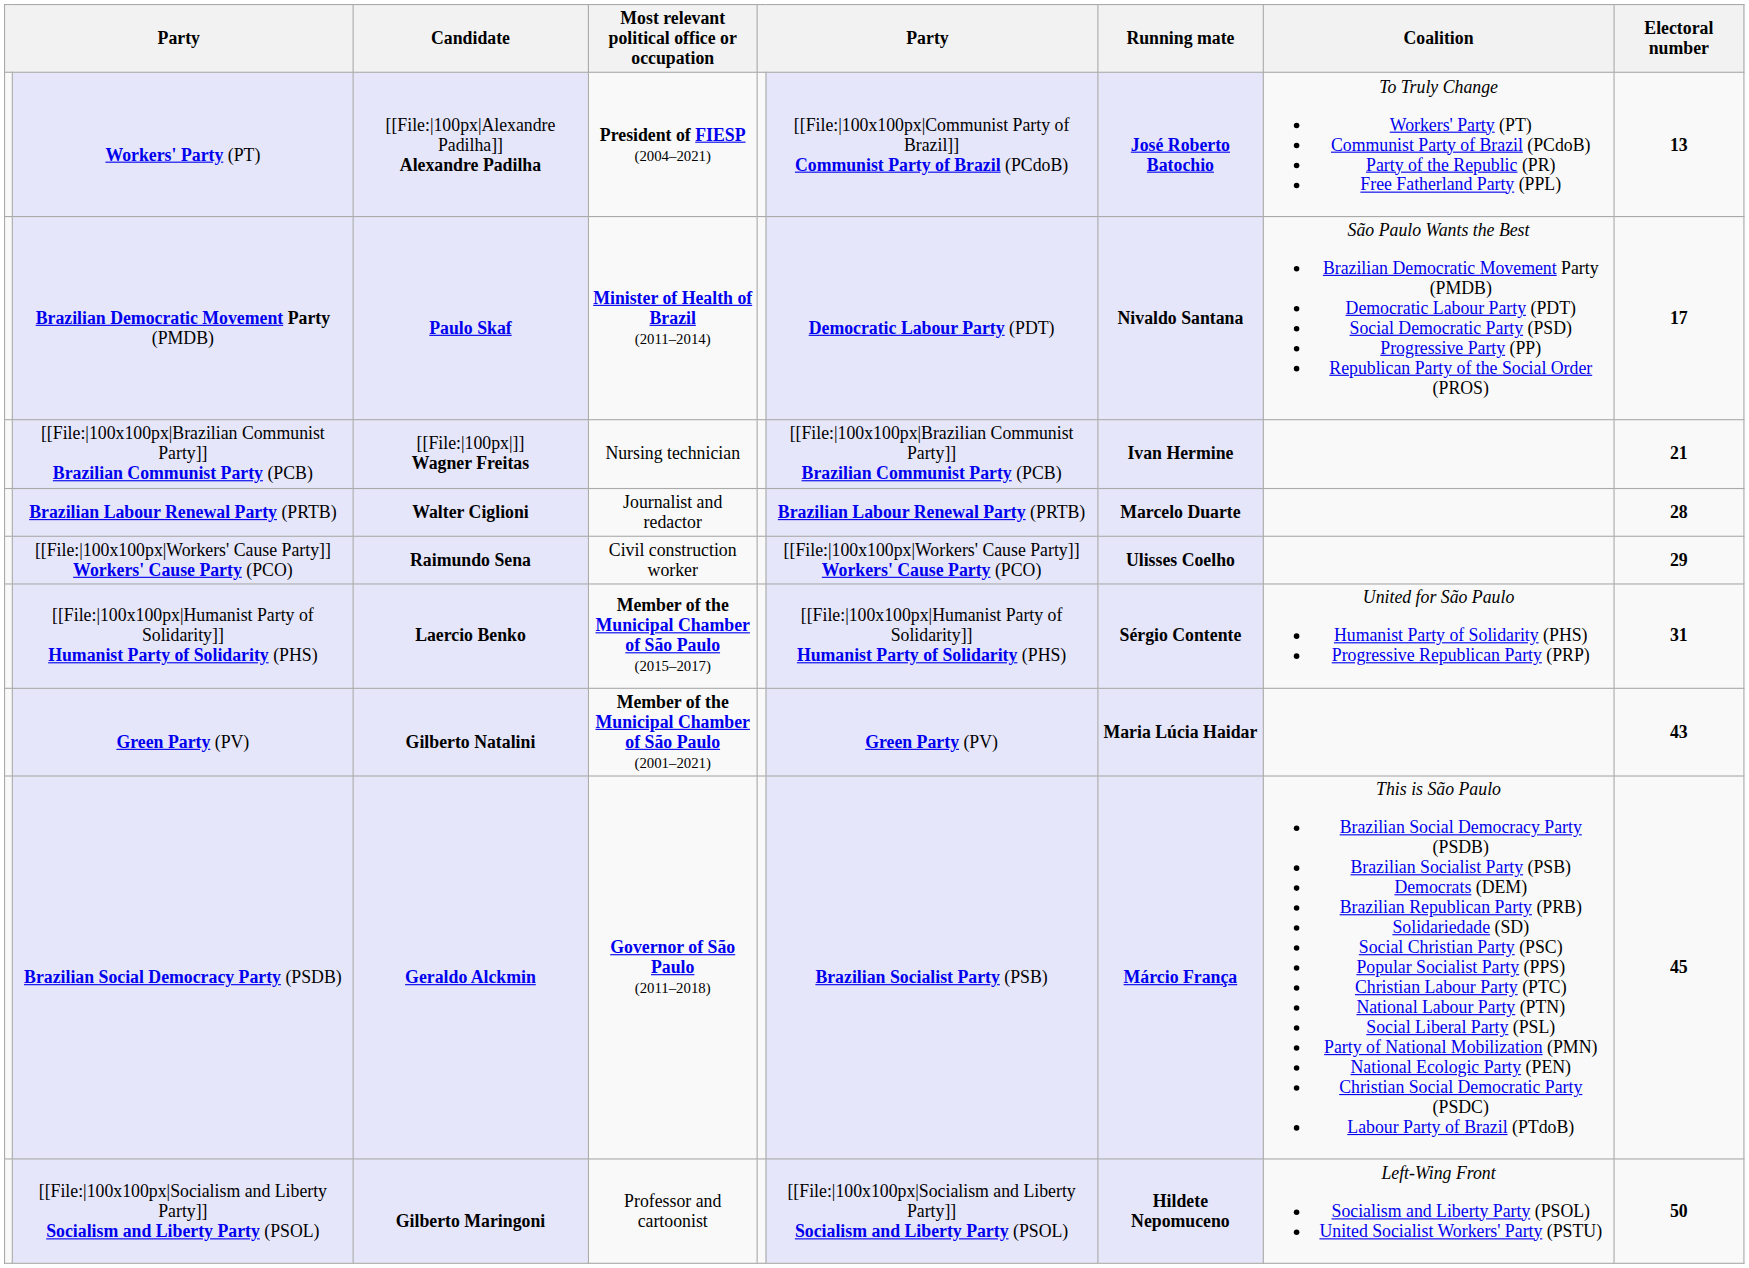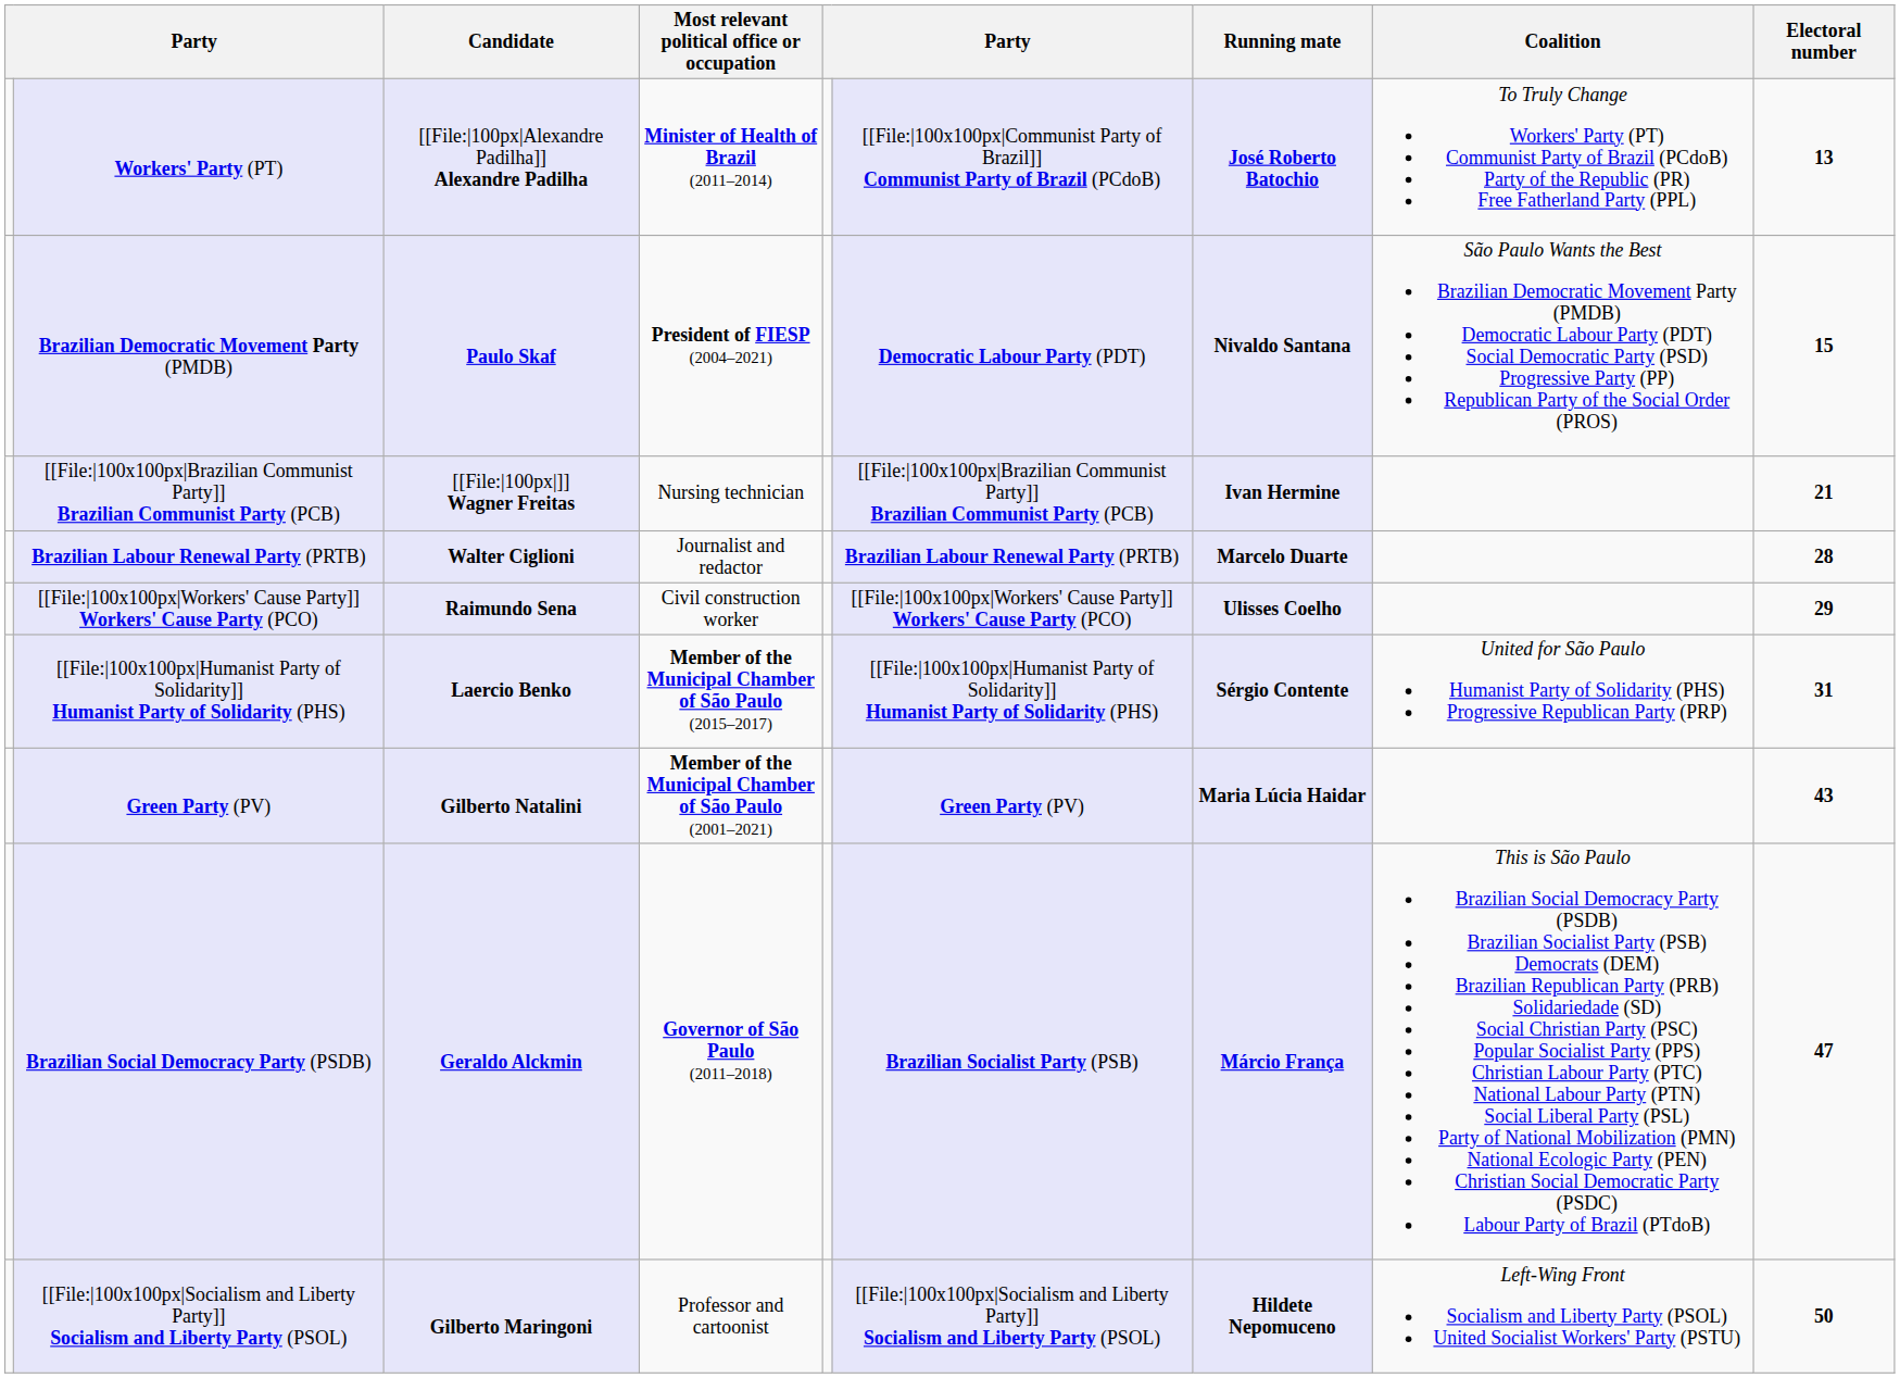 <table class="wikitable" style="text-align:center">
 <tr>
 <th colspan="2">Party</th>
 <th>Candidate</th>
 <th style="max-width:10em">Most relevant political office or occupation</th>
 <th colspan="2">Party</th>
 <th>Running mate</th>
 <th>Coalition</th>
 <th>Electoral number</th>
 </tr>
 <tr>
 <td style="background:"></td>
 <td style="background:lavender;" max-width:150px><br><strong><a href='#'>Workers' Party</a></strong> (PT)</td>
 <td style="background:lavender;" max-width:150px>[[File:|100px|Alexandre Padilha]]<br><strong>Alexandre Padilha</strong></td>
-<td style="max-width:10em"><strong>President of <a href='#'>FIESP</a></strong><br><small>(2004–2021)</small></td>
+<td style="max-width:10em"><strong><a href='#'>Minister of Health of Brazil</a></strong><br><small>(2011–2014)</small></td>
 <td style="background:"></td>
 <td style="background:lavender;" max-width:150px>[[File:|100x100px|Communist Party of Brazil]]<br><strong><a href='#'>Communist Party of Brazil</a></strong> (PCdoB)</td>
 <td style="background:lavender;" max-width:150px><br><strong><a href='#'>José Roberto Batochio</a></strong></td>
 <td><em>To Truly Change</em><br><ul><li><a href='#'>Workers' Party</a> (PT)</li><li><a href='#'>Communist Party of Brazil</a> (PCdoB)</li><li><a href='#'>Party of the Republic</a> (PR)</li><li><a href='#'>Free Fatherland Party</a> (PPL)</li></ul></td>
 <td><strong>13</strong></td>
 </tr>
 <tr>
 <td style="background:"></td>
 <td style="background:lavender;" max-width:150px><br><strong><a href='#'>Brazilian Democratic Movement</a> Party</strong> (PMDB)</td>
 <td style="background:lavender;" max-width:150px><br><strong><a href='#'>Paulo Skaf</a></strong></td>
-<td style="max-width:10em"><strong><a href='#'>Minister of Health of Brazil</a></strong><br><small>(2011–2014)</small></td>
+<td style="max-width:10em"><strong>President of <a href='#'>FIESP</a></strong><br><small>(2004–2021)</small></td>
 <td style="background:"></td>
 <td style="background:lavender;" max-width:150px><br><strong><a href='#'>Democratic Labour Party</a></strong> (PDT)</td>
 <td style="background:lavender;" max-width:150px><strong>Nivaldo Santana</strong></td>
 <td><em>São Paulo Wants the Best</em><br><ul><li><a href='#'>Brazilian Democratic Movement</a> Party (PMDB)</li><li><a href='#'>Democratic Labour Party</a> (PDT)</li><li><a href='#'>Social Democratic Party</a> (PSD)</li><li><a href='#'>Progressive Party</a> (PP)</li><li><a href='#'>Republican Party of the Social Order</a> (PROS)</li></ul></td>
-<td><strong>17</strong></td>
+<td><strong>15</strong></td>
 </tr>
 <tr>
 <td style="background:"></td>
 <td style="background:lavender;" max-width:150px>[[File:|100x100px|Brazilian Communist Party]]<br><strong><a href='#'>Brazilian Communist Party</a></strong> (PCB)</td>
 <td style="background:lavender;" max-width:150px>[[File:|100px|]]<br><strong>Wagner Freitas</strong></td>
 <td style="max-width:10em">Nursing technician</td>
 <td style="background:"></td>
 <td style="background:lavender;" max-width:150px>[[File:|100x100px|Brazilian Communist Party]]<br><strong><a href='#'>Brazilian Communist Party</a></strong> (PCB)</td>
 <td style="background:lavender;" max-width:150px><strong>Ivan Hermine</strong></td>
 <td></td>
 <td><strong>21</strong></td>
 </tr>
 <tr>
 <td style="background:"></td>
 <td style="background:lavender;" max-width:150px><strong><a href='#'>Brazilian Labour Renewal Party</a></strong> (PRTB)</td>
 <td style="background:lavender;" max-width:150px><strong>Walter Ciglioni</strong></td>
 <td style="max-width:10em">Journalist and redactor</td>
 <td style="background:"></td>
 <td style="background:lavender;" max-width:150px><strong><a href='#'>Brazilian Labour Renewal Party</a></strong> (PRTB)</td>
 <td style="background:lavender;" max-width:150px><strong>Marcelo Duarte</strong></td>
 <td></td>
 <td><strong>28</strong></td>
 </tr>
 <tr>
 <td style="background:"></td>
 <td style="background:lavender;" max-width:150px>[[File:|100x100px|Workers' Cause Party]]<br><strong><a href='#'>Workers' Cause Party</a></strong> (PCO)</td>
 <td style="background:lavender;" max-width:150px><strong>Raimundo Sena</strong></td>
 <td style="max-width:10em">Civil construction worker</td>
 <td style="background:"></td>
 <td style="background:lavender;" max-width:150px>[[File:|100x100px|Workers' Cause Party]]<br><strong><a href='#'>Workers' Cause Party</a></strong> (PCO)</td>
 <td style="background:lavender;" max-width:150px><strong>Ulisses Coelho</strong></td>
 <td></td>
 <td><strong>29</strong></td>
 </tr>
 <tr>
 <td style="background:"></td>
 <td style="background:lavender;" max-width:150px>[[File:|100x100px|Humanist Party of Solidarity]]<br><strong><a href='#'>Humanist Party of Solidarity</a></strong> (PHS)</td>
 <td style="background:lavender;" max-width:150px><strong>Laercio Benko</strong></td>
 <td style="max-width:10em"><strong>Member of the <a href='#'>Municipal Chamber of São Paulo</a></strong><br><small>(2015–2017)</small></td>
 <td style="background:"></td>
 <td style="background:lavender;" max-width:150px>[[File:|100x100px|Humanist Party of Solidarity]]<br><strong><a href='#'>Humanist Party of Solidarity</a></strong> (PHS)</td>
 <td style="background:lavender;" max-width:150px><strong>Sérgio Contente</strong></td>
 <td><em>United for São Paulo</em><br><ul><li><a href='#'>Humanist Party of Solidarity</a> (PHS)</li><li><a href='#'>Progressive Republican Party</a> (PRP)</li></ul></td>
 <td><strong>31</strong></td>
 </tr>
 <tr>
 <td style="background:"></td>
 <td style="background:lavender;" max-width:150px><br><strong><a href='#'>Green Party</a></strong> (PV)</td>
 <td style="background:lavender;" max-width:150px><br><strong>Gilberto Natalini</strong></td>
 <td style="max-width:10em"><strong>Member of the <a href='#'>Municipal Chamber of São Paulo</a></strong><br><small>(2001–2021)</small></td>
 <td style="background:"></td>
 <td style="background:lavender;" max-width:150px><br><strong><a href='#'>Green Party</a></strong> (PV)</td>
 <td style="background:lavender;" max-width:150px><strong>Maria Lúcia Haidar</strong></td>
 <td></td>
 <td><strong>43</strong></td>
 </tr>
 <tr>
 <td style="background:"></td>
 <td style="background:lavender;" max-width:150px><br><strong><a href='#'>Brazilian Social Democracy Party</a></strong> (PSDB)</td>
 <td style="background:lavender;" max-width:150px><br><strong><a href='#'>Geraldo Alckmin</a></strong></td>
 <td style="max-width:10em"><strong><a href='#'>Governor of São Paulo</a></strong><br><small>(2011–2018)</small></td>
 <td style="background:"></td>
 <td style="background:lavender;" max-width:150px><br><strong><a href='#'>Brazilian Socialist Party</a></strong> (PSB)</td>
 <td style="background:lavender;" max-width:150px><br><strong><a href='#'>Márcio França</a></strong></td>
 <td><em>This is São Paulo</em><br><ul><li><a href='#'>Brazilian Social Democracy Party</a> (PSDB)</li><li><a href='#'>Brazilian Socialist Party</a> (PSB)</li><li><a href='#'>Democrats</a> (DEM)</li><li><a href='#'>Brazilian Republican Party</a> (PRB)</li><li><a href='#'>Solidariedade</a> (SD)</li><li><a href='#'>Social Christian Party</a> (PSC)</li><li><a href='#'>Popular Socialist Party</a> (PPS)</li><li><a href='#'>Christian Labour Party</a> (PTC)</li><li><a href='#'>National Labour Party</a> (PTN)</li><li><a href='#'>Social Liberal Party</a> (PSL)</li><li><a href='#'>Party of National Mobilization</a> (PMN)</li><li><a href='#'>National Ecologic Party</a> (PEN)</li><li><a href='#'>Christian Social Democratic Party</a> (PSDC)</li><li><a href='#'>Labour Party of Brazil</a> (PTdoB)</li></ul></td>
-<td><strong>45</strong></td>
+<td><strong>47</strong></td>
 </tr>
 <tr>
 <td style="background:"></td>
 <td style="background:lavender;" max-width:150px>[[File:|100x100px|Socialism and Liberty Party]]<br><strong><a href='#'>Socialism and Liberty Party</a></strong> (PSOL)</td>
 <td style="background:lavender;" max-width:150px><br><strong>Gilberto Maringoni</strong></td>
 <td style="max-width:10em">Professor and cartoonist</td>
 <td style="background:"></td>
 <td style="background:lavender;" max-width:150px>[[File:|100x100px|Socialism and Liberty Party]]<br><strong><a href='#'>Socialism and Liberty Party</a></strong> (PSOL)</td>
 <td style="background:lavender;" max-width:150px><strong>Hildete Nepomuceno</strong></td>
 <td><em>Left-Wing Front</em><br><ul><li><a href='#'>Socialism and Liberty Party</a> (PSOL)</li><li><a href='#'>United Socialist Workers' Party</a> (PSTU)</li></ul></td>
 <td><strong>50</strong></td>
 </tr>
 </table>
